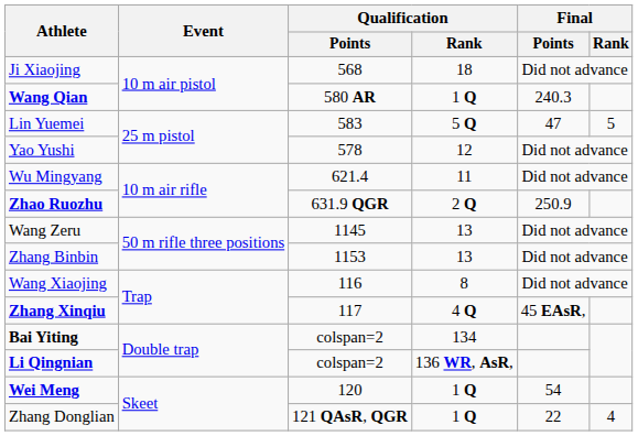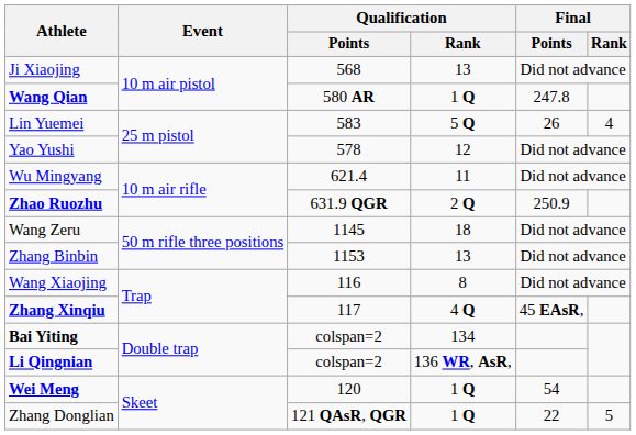 <table class=wikitable style=font-size:90%;text-align:center>
 <tr>
 <th rowspan="2">Athlete</th>
 <th rowspan="2">Event</th>
 <th colspan=2>Qualification</th>
 <th colspan=2>Final</th>
 </tr>
 <tr style="font-size:95%">
 <th>Points</th>
 <th>Rank</th>
 <th>Points</th>
 <th>Rank</th>
 </tr>
 <tr>
 <td align=left><a href='#'>Ji Xiaojing</a></td>
 <td align=left rowspan=2><a href='#'>10 m air pistol</a></td>
 <td>568</td>
-<td>18</td>
+<td>13</td>
 <td colspan=2>Did not advance</td>
 </tr>
 <tr>
 <td align=left><strong><a href='#'>Wang Qian</a></strong></td>
 <td>580 <strong>AR</strong></td>
 <td>1 <strong>Q</strong></td>
-<td>240.3 </td>
+<td>247.8 </td>
 <td></td>
 </tr>
 <tr>
 <td align=left><a href='#'>Lin Yuemei</a></td>
 <td align=left rowspan=2><a href='#'>25 m pistol</a></td>
 <td>583</td>
 <td>5 <strong>Q</strong></td>
-<td>47</td>
-<td>5</td>
+<td>26</td>
+<td>4</td>
 </tr>
 <tr>
 <td align=left><a href='#'>Yao Yushi</a></td>
 <td>578</td>
 <td>12</td>
 <td colspan=2>Did not advance</td>
 </tr>
 <tr>
 <td align=left><a href='#'>Wu Mingyang</a></td>
 <td align=left rowspan=2><a href='#'>10 m air rifle</a></td>
 <td>621.4</td>
 <td>11</td>
 <td colspan=2>Did not advance</td>
 </tr>
 <tr>
 <td align=left><strong><a href='#'>Zhao Ruozhu</a></strong></td>
 <td>631.9 <strong>QGR</strong></td>
 <td>2 <strong>Q</strong></td>
 <td>250.9 </td>
 <td></td>
 </tr>
 <tr>
 <td align=left>Wang Zeru</td>
 <td align=left rowspan=2><a href='#'>50 m rifle three positions</a></td>
 <td>1145</td>
-<td>13</td>
+<td>18</td>
 <td colspan=2>Did not advance</td>
 </tr>
 <tr>
 <td align=left><a href='#'>Zhang Binbin</a></td>
 <td>1153</td>
 <td>13</td>
 <td colspan=2>Did not advance</td>
 </tr>
 <tr>
 <td align=left><a href='#'>Wang Xiaojing</a></td>
 <td align=left rowspan=2><a href='#'>Trap</a></td>
 <td>116</td>
 <td>8</td>
 <td colspan=2>Did not advance</td>
 </tr>
 <tr>
 <td align=left><strong><a href='#'>Zhang Xinqiu</a></strong></td>
 <td>117</td>
 <td>4 <strong>Q</strong></td>
 <td>45 <strong>EAsR</strong>, </td>
 <td></td>
 </tr>
 <tr>
 <td align=left><strong>Bai Yiting</strong></td>
 <td align=left rowspan=2><a href='#'>Double trap</a></td>
 <td>colspan=2 </td>
 <td>134</td>
 <td></td>
 </tr>
 <tr>
 <td align=left><strong><a href='#'>Li Qingnian</a></strong></td>
 <td>colspan=2 </td>
 <td>136 <strong><a href='#'>WR</a></strong>, <strong>AsR</strong>, </td>
 <td></td>
 </tr>
 <tr>
 <td align=left><strong><a href='#'>Wei Meng</a></strong></td>
 <td align=left rowspan=2><a href='#'>Skeet</a></td>
 <td>120</td>
 <td>1 <strong>Q</strong></td>
 <td>54</td>
 <td></td>
 </tr>
 <tr>
 <td align=left>Zhang Donglian</td>
 <td>121 <strong>QAsR</strong>, <strong>QGR</strong></td>
 <td>1 <strong>Q</strong></td>
 <td>22</td>
-<td>4</td>
+<td>5</td>
 </tr>
 </table>
